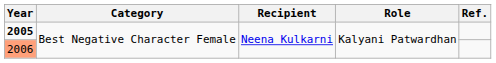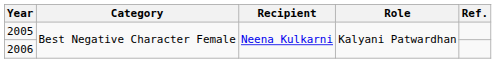 <table class="wikitable">
 <tr>
 <th>Year</th>
 <th>Category</th>
 <th>Recipient</th>
 <th>Role</th>
 <th>Ref.</th>
 </tr>
 <tr>
-<td><strong>2005</strong></td>
+<td>2005</td>
 <td rowspan="2">Best Negative Character Female</td>
 <td rowspan="2"><a href='#'>Neena Kulkarni</a></td>
 <td rowspan="2">Kalyani Patwardhan</td>
 <td></td>
 </tr>
 <tr>
-<td style="background: lightsalmon;">2006</td>
+<td>2006</td>
 <td></td>
 </tr>
 </table>
